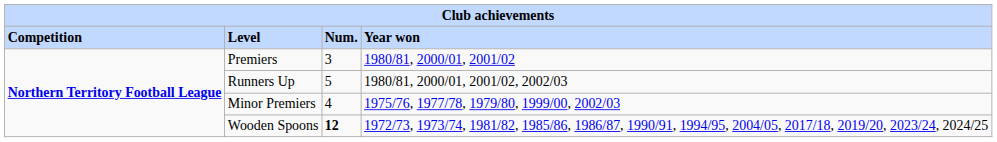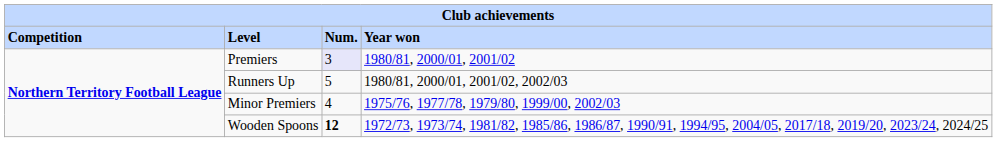 <table class="wikitable">
 <tr style="background:#C1D8FF;">
 <td colspan="4" style="text-align:center;"><strong>Club achievements</strong></td>
 </tr>
 <tr style="background:#C1D8FF;">
 <td><strong>Competition</strong></td>
 <td><strong>Level</strong></td>
 <td><strong>Num.</strong></td>
 <td><strong>Year won</strong></td>
 </tr>
 <tr>
 <td rowspan="4"><strong><a href='#'>Northern Territory Football League</a></strong></td>
 <td>Premiers</td>
-<td>3</td>
+<td style="background: lavender;">3</td>
 <td><a href='#'>1980/81</a>, <a href='#'>2000/01</a>, <a href='#'>2001/02</a></td>
 </tr>
 <tr>
 <td>Runners Up</td>
 <td>5</td>
 <td>1980/81, 2000/01, 2001/02, 2002/03</td>
 </tr>
 <tr>
 <td>Minor Premiers</td>
 <td>4</td>
 <td><a href='#'>1975/76</a>, <a href='#'>1977/78</a>, <a href='#'>1979/80</a>, <a href='#'>1999/00</a>, <a href='#'>2002/03</a></td>
 </tr>
 <tr>
 <td>Wooden Spoons</td>
 <td><strong>12</strong></td>
 <td><a href='#'>1972/73</a>, <a href='#'>1973/74</a>, <a href='#'>1981/82</a>, <a href='#'>1985/86</a>, <a href='#'>1986/87</a>, <a href='#'>1990/91</a>, <a href='#'>1994/95</a>, <a href='#'>2004/05</a>, <a href='#'>2017/18</a>, <a href='#'>2019/20</a>, <a href='#'>2023/24</a>, 2024/25</td>
 </tr>
 </table>
